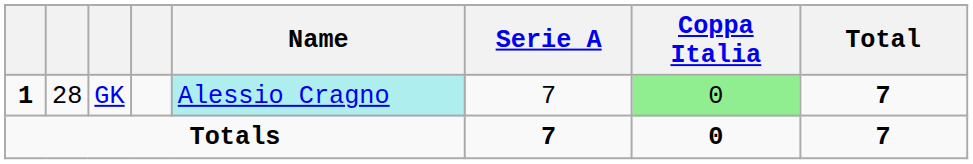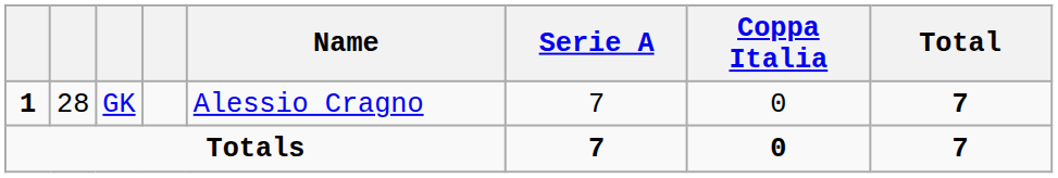 <table class="wikitable" style="text-align:center">
 <tr>
 <th width=15></th>
 <th width=15></th>
 <th width=15></th>
 <th width=15></th>
 <th width=145>Name</th>
 <th width=80><strong><a href='#'>Serie A</a></strong></th>
 <th width=80><strong><a href='#'>Coppa Italia</a></strong></th>
 <th width=80>Total</th>
 </tr>
 <tr>
 <td><strong>1</strong></td>
 <td>28</td>
 <td><a href='#'>GK</a></td>
 <td></td>
-<td align=left style="background: paleturquoise;"><a href='#'>Alessio Cragno</a></td>
+<td align=left><a href='#'>Alessio Cragno</a></td>
 <td>7</td>
-<td style="background: lightgreen;">0</td>
+<td>0</td>
 <td><strong>7</strong></td>
 </tr>
 <tr>
 <td colspan=5><strong>Totals</strong></td>
 <td><strong>7</strong></td>
 <td><strong>0</strong></td>
 <td><strong>7</strong></td>
 </tr>
 </table>
